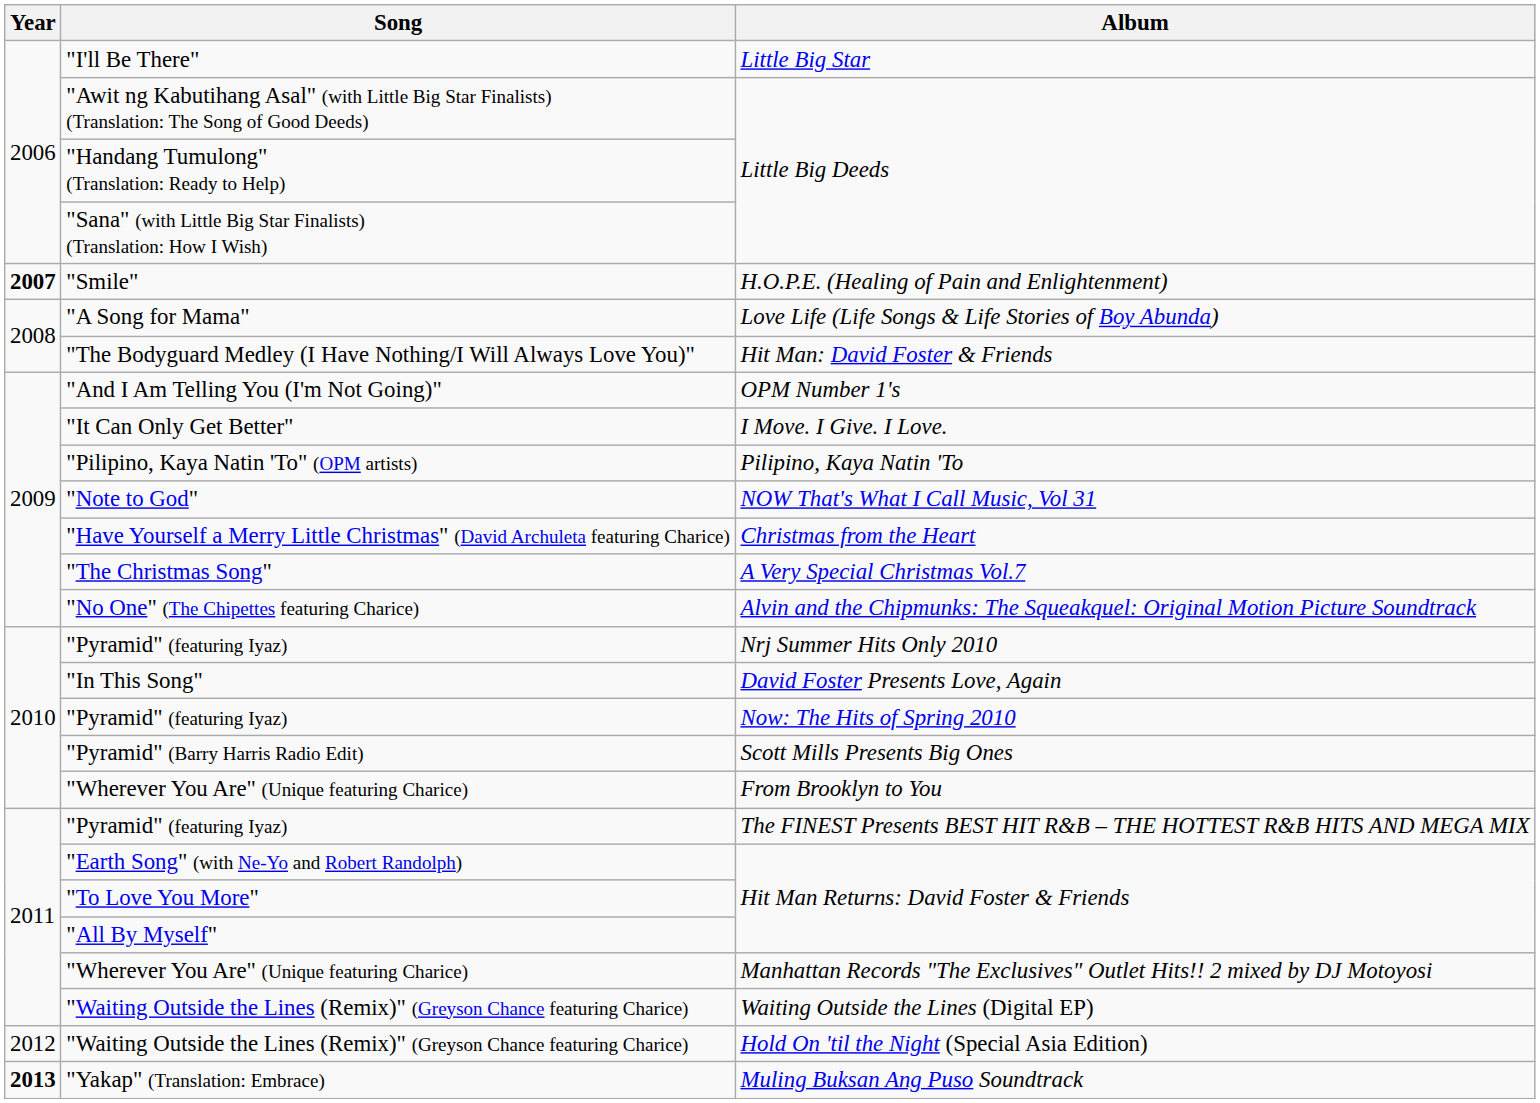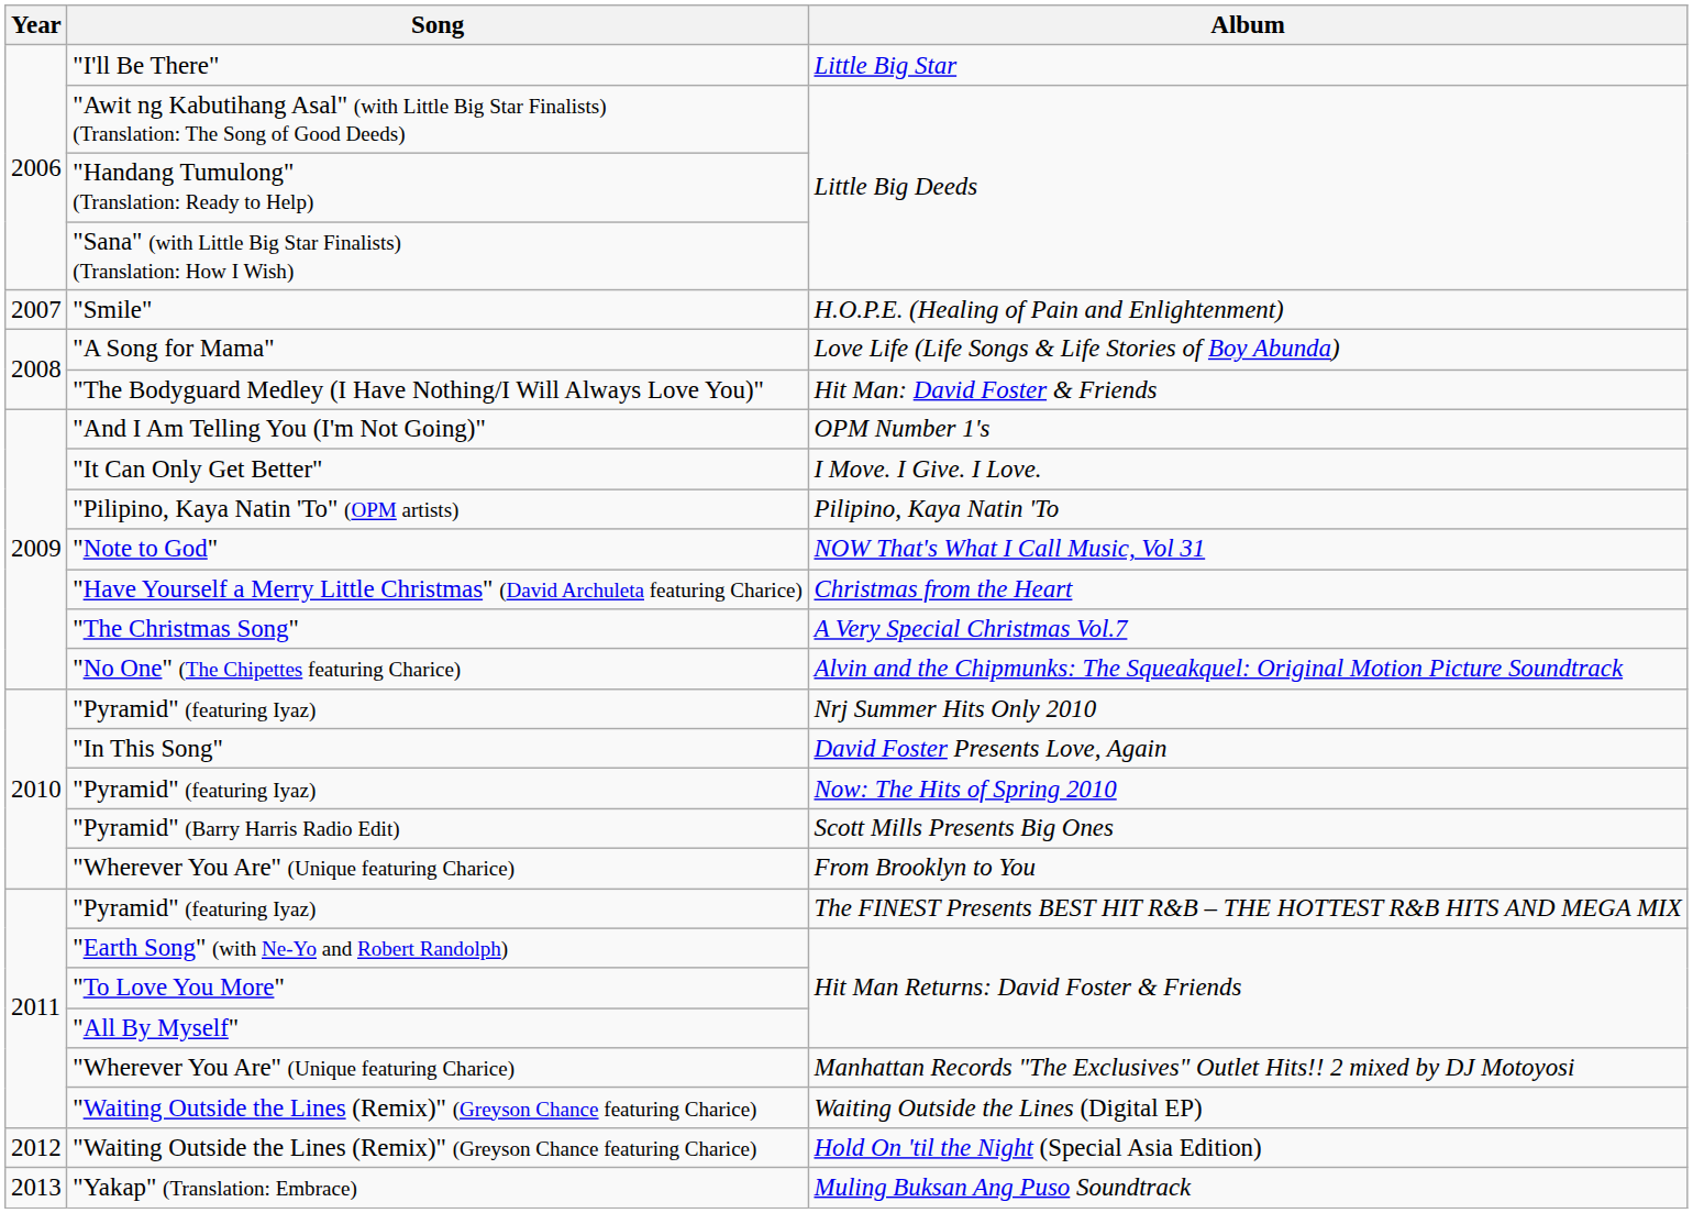 <table class="wikitable">
 <tr>
 <th>Year</th>
 <th>Song</th>
 <th>Album</th>
 </tr>
 <tr>
 <td rowspan=4>2006</td>
 <td>"I'll Be There"</td>
 <td><em><a href='#'>Little Big Star</a></em></td>
 </tr>
 <tr>
 <td>"Awit ng Kabutihang Asal" <small>(with Little Big Star Finalists)<br>(Translation: The Song of Good Deeds)</small></td>
 <td rowspan=3><em>Little Big Deeds</em></td>
 </tr>
 <tr>
 <td>"Handang Tumulong"<br><small> (Translation: Ready to Help)</small></td>
 </tr>
 <tr>
 <td>"Sana" <small>(with Little Big Star Finalists)<br>(Translation: How I Wish)</small></td>
 </tr>
 <tr>
-<td><strong>2007</strong></td>
+<td>2007</td>
 <td>"Smile"</td>
 <td><em>H.O.P.E. (Healing of Pain and Enlightenment)</em></td>
 </tr>
 <tr>
 <td rowspan=2>2008</td>
 <td>"A Song for Mama"</td>
 <td><em>Love Life (Life Songs & Life Stories of <a href='#'>Boy Abunda</a>)</em></td>
 </tr>
 <tr>
 <td>"The Bodyguard Medley (I Have Nothing/I Will Always Love You)"</td>
 <td><em>Hit Man: <a href='#'>David Foster</a> & Friends</em></td>
 </tr>
 <tr>
 <td rowspan=7>2009</td>
 <td>"And I Am Telling You (I'm Not Going)"</td>
 <td><em>OPM Number 1's</em></td>
 </tr>
 <tr>
 <td>"It Can Only Get Better"</td>
 <td><em>I Move. I Give. I Love.</em></td>
 </tr>
 <tr>
 <td>"Pilipino, Kaya Natin 'To" <small>(<a href='#'>OPM</a> artists)</small></td>
 <td><em>Pilipino, Kaya Natin 'To</em></td>
 </tr>
 <tr>
 <td>"<a href='#'>Note to God</a>"</td>
 <td><em><a href='#'>NOW That's What I Call Music, Vol 31</a></em></td>
 </tr>
 <tr>
 <td>"<a href='#'>Have Yourself a Merry Little Christmas</a>" <small>(<a href='#'>David Archuleta</a> featuring Charice)</small></td>
 <td><em><a href='#'>Christmas from the Heart</a></em></td>
 </tr>
 <tr>
 <td>"<a href='#'>The Christmas Song</a>"</td>
 <td><em><a href='#'>A Very Special Christmas Vol.7</a></em></td>
 </tr>
 <tr>
 <td>"<a href='#'>No One</a>" <small>(<a href='#'>The Chipettes</a> featuring Charice)</small></td>
 <td><em><a href='#'>Alvin and the Chipmunks: The Squeakquel: Original Motion Picture Soundtrack</a></em></td>
 </tr>
 <tr>
 <td rowspan=5>2010</td>
 <td>"Pyramid" <small>(featuring Iyaz)</small></td>
 <td><em>Nrj Summer Hits Only 2010</em></td>
 </tr>
 <tr>
 <td>"In This Song"</td>
 <td><em><a href='#'>David Foster</a> Presents Love, Again</em></td>
 </tr>
 <tr>
 <td>"Pyramid" <small>(featuring Iyaz)</small></td>
 <td><em><a href='#'>Now: The Hits of Spring 2010</a></em></td>
 </tr>
 <tr>
 <td>"Pyramid" <small>(Barry Harris Radio Edit)</small></td>
 <td><em>Scott Mills Presents Big Ones</em></td>
 </tr>
 <tr>
 <td>"Wherever You Are" <small>(Unique featuring Charice)</small></td>
 <td><em>From Brooklyn to You</em></td>
 </tr>
 <tr>
 <td rowspan=6>2011</td>
 <td>"Pyramid" <small>(featuring Iyaz)</small></td>
 <td><em>The FINEST Presents BEST HIT R&B – THE HOTTEST R&B HITS AND MEGA MIX</em></td>
 </tr>
 <tr>
 <td>"<a href='#'>Earth Song</a>" <small>(with <a href='#'>Ne-Yo</a> and <a href='#'>Robert Randolph</a>)</small></td>
 <td rowspan=3><em>Hit Man Returns: David Foster & Friends</em></td>
 </tr>
 <tr>
 <td>"<a href='#'>To Love You More</a>"</td>
 </tr>
 <tr>
 <td>"<a href='#'>All By Myself</a>"</td>
 </tr>
 <tr>
 <td>"Wherever You Are" <small>(Unique featuring Charice)</small></td>
 <td><em>Manhattan Records "The Exclusives" Outlet Hits!! 2 mixed by DJ Motoyosi</em></td>
 </tr>
 <tr>
 <td>"<a href='#'>Waiting Outside the Lines</a> (Remix)" <small>(<a href='#'>Greyson Chance</a> featuring Charice)</small></td>
 <td><em>Waiting Outside the Lines</em> (Digital EP)</td>
 </tr>
 <tr>
 <td>2012</td>
 <td>"Waiting Outside the Lines (Remix)" <small>(Greyson Chance featuring Charice)</small></td>
 <td><em><a href='#'>Hold On 'til the Night</a></em> (Special Asia Edition)</td>
 </tr>
 <tr>
-<td><strong>2013</strong></td>
+<td>2013</td>
 <td>"Yakap" <small> (Translation: Embrace)</small></td>
 <td><em><a href='#'>Muling Buksan Ang Puso</a> Soundtrack</em></td>
 </tr>
 </table>
